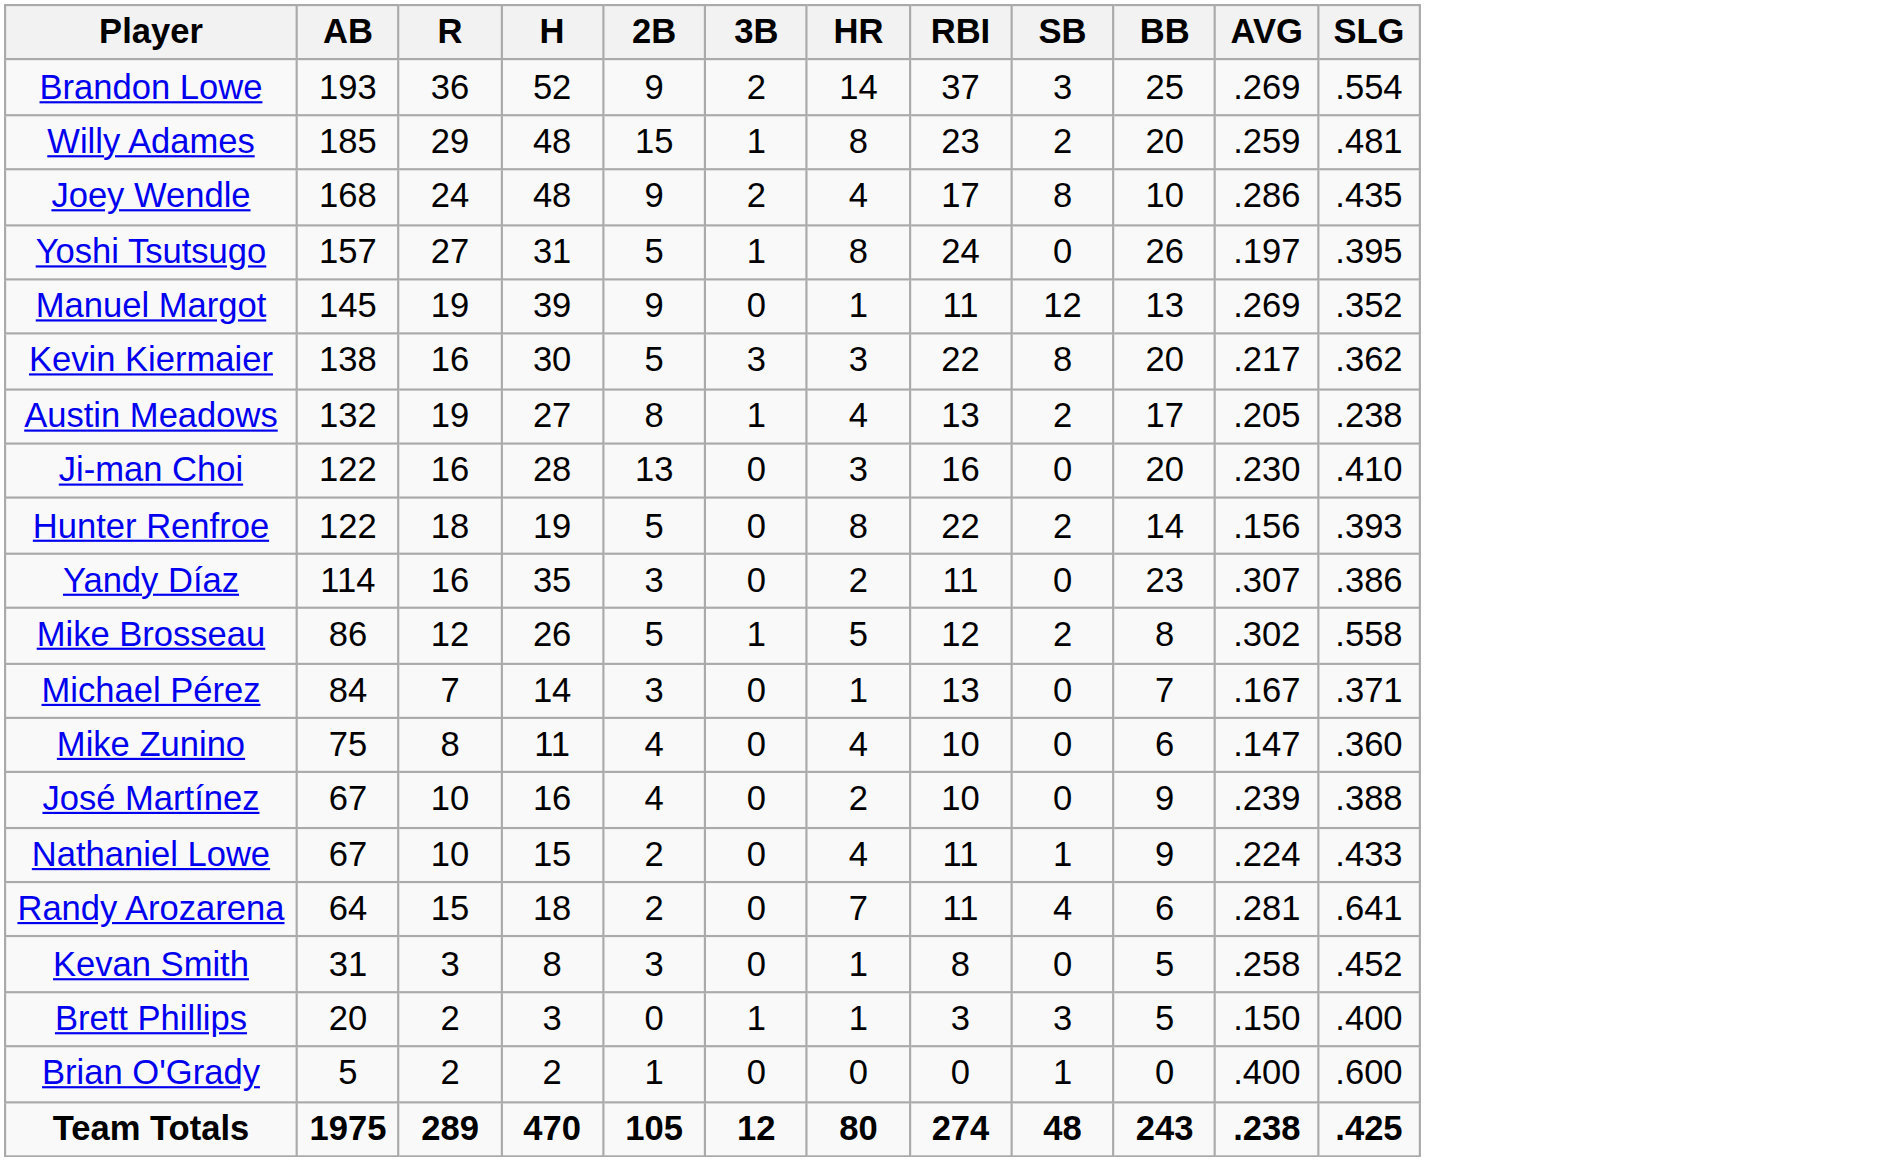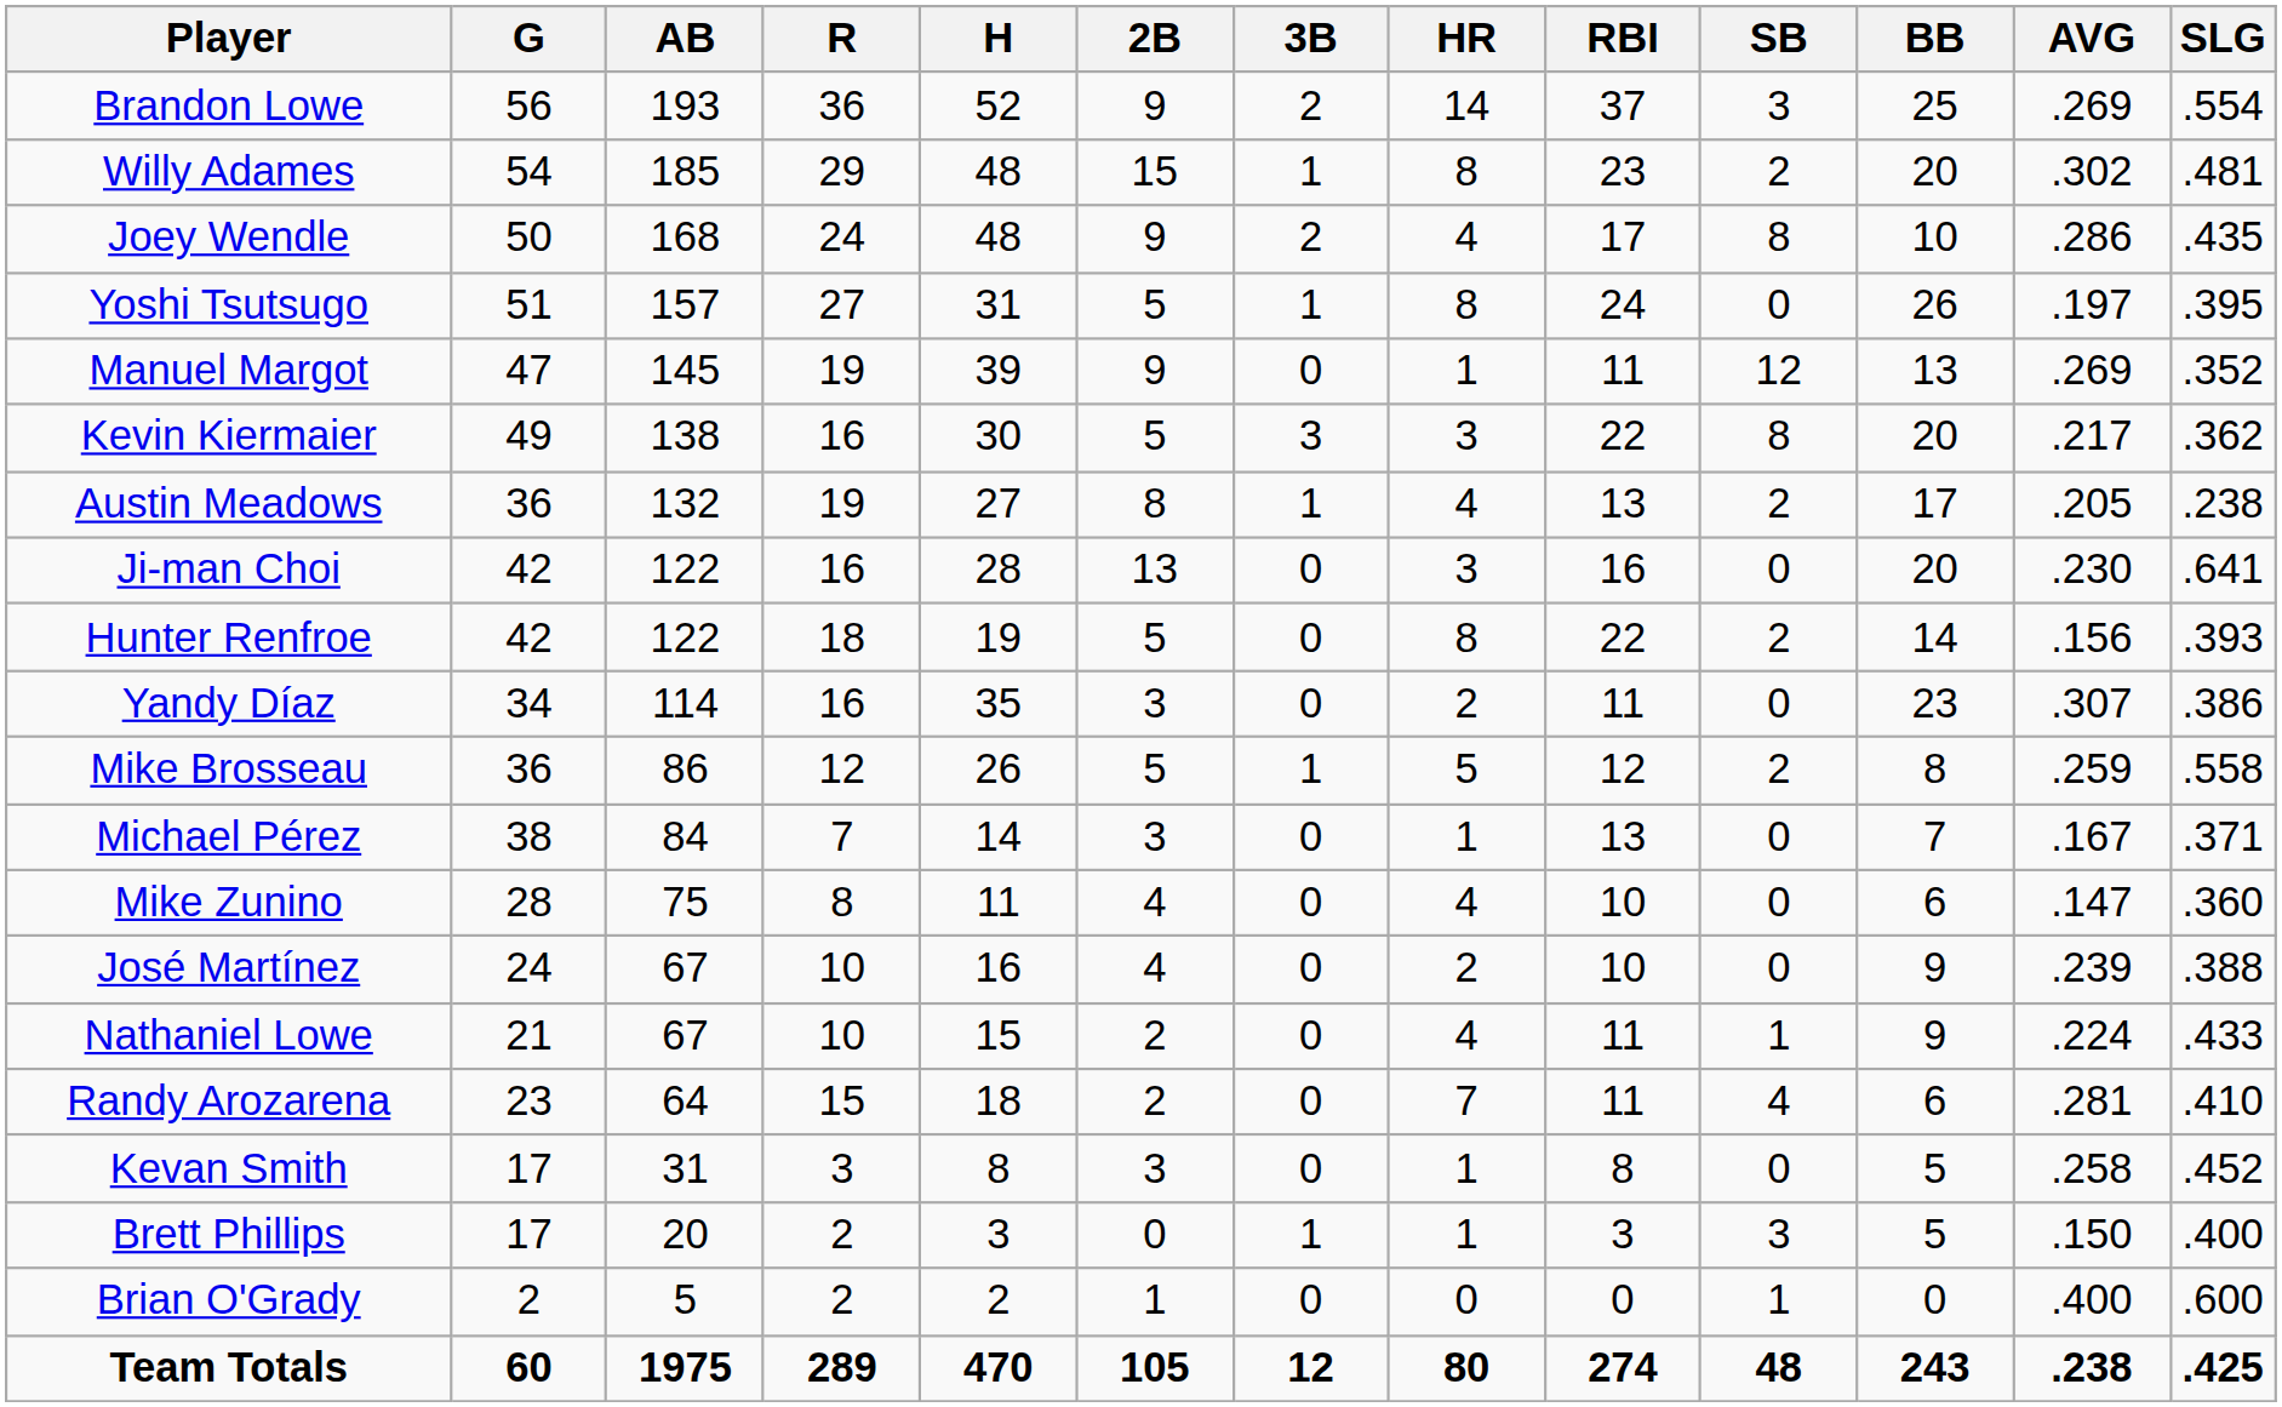 <table class=wikitable style="text-align:center">
 <tr>
 <th bgcolor=#DDDDFF; width="20%">Player</th>
+<th bgcolor=#DDDDFF; width="7%">G</th>
 <th bgcolor=#DDDDFF; width="7%">AB</th>
 <th bgcolor=#DDDDFF; width="7%">R</th>
 <th bgcolor=#DDDDFF; width="7%">H</th>
 <th bgcolor=#DDDDFF; width="7%">2B</th>
 <th bgcolor=#DDDDFF; width="7%">3B</th>
 <th bgcolor=#DDDDFF; width="7%">HR</th>
 <th bgcolor=#DDDDFF; width="7%">RBI</th>
 <th bgcolor=#DDDDFF; width="7%">SB</th>
 <th bgcolor=#DDDDFF; width="7%">BB</th>
 <th bgcolor=#DDDDFF; width="7%">AVG</th>
 <th bgcolor=#DDDDFF; width="7%'">SLG</th>
 </tr>
 <tr>
 <td><a href='#'>Brandon Lowe</a></td>
+<td>56</td>
 <td>193</td>
 <td>36</td>
 <td>52</td>
 <td>9</td>
 <td>2</td>
 <td>14</td>
 <td>37</td>
 <td>3</td>
 <td>25</td>
 <td>.269</td>
 <td>.554</td>
 </tr>
 <tr>
 <td><a href='#'>Willy Adames</a></td>
+<td>54</td>
 <td>185</td>
 <td>29</td>
 <td>48</td>
 <td>15</td>
 <td>1</td>
 <td>8</td>
 <td>23</td>
 <td>2</td>
 <td>20</td>
-<td>.259</td>
+<td>.302</td>
 <td>.481</td>
 </tr>
 <tr>
 <td><a href='#'>Joey Wendle</a></td>
+<td>50</td>
 <td>168</td>
 <td>24</td>
 <td>48</td>
 <td>9</td>
 <td>2</td>
 <td>4</td>
 <td>17</td>
 <td>8</td>
 <td>10</td>
 <td>.286</td>
 <td>.435</td>
 </tr>
 <tr>
 <td><a href='#'>Yoshi Tsutsugo</a></td>
+<td>51</td>
 <td>157</td>
 <td>27</td>
 <td>31</td>
 <td>5</td>
 <td>1</td>
 <td>8</td>
 <td>24</td>
 <td>0</td>
 <td>26</td>
 <td>.197</td>
 <td>.395</td>
 </tr>
 <tr>
 <td><a href='#'>Manuel Margot</a></td>
+<td>47</td>
 <td>145</td>
 <td>19</td>
 <td>39</td>
 <td>9</td>
 <td>0</td>
 <td>1</td>
 <td>11</td>
 <td>12</td>
 <td>13</td>
 <td>.269</td>
 <td>.352</td>
 </tr>
 <tr>
 <td><a href='#'>Kevin Kiermaier</a></td>
+<td>49</td>
 <td>138</td>
 <td>16</td>
 <td>30</td>
 <td>5</td>
 <td>3</td>
 <td>3</td>
 <td>22</td>
 <td>8</td>
 <td>20</td>
 <td>.217</td>
 <td>.362</td>
 </tr>
 <tr>
 <td><a href='#'>Austin Meadows</a></td>
+<td>36</td>
 <td>132</td>
 <td>19</td>
 <td>27</td>
 <td>8</td>
 <td>1</td>
 <td>4</td>
 <td>13</td>
 <td>2</td>
 <td>17</td>
 <td>.205</td>
 <td>.238</td>
 </tr>
 <tr>
 <td><a href='#'>Ji-man Choi</a></td>
+<td>42</td>
 <td>122</td>
 <td>16</td>
 <td>28</td>
 <td>13</td>
 <td>0</td>
 <td>3</td>
 <td>16</td>
 <td>0</td>
 <td>20</td>
 <td>.230</td>
-<td>.410</td>
+<td>.641</td>
 </tr>
 <tr>
 <td><a href='#'>Hunter Renfroe</a></td>
+<td>42</td>
 <td>122</td>
 <td>18</td>
 <td>19</td>
 <td>5</td>
 <td>0</td>
 <td>8</td>
 <td>22</td>
 <td>2</td>
 <td>14</td>
 <td>.156</td>
 <td>.393</td>
 </tr>
 <tr>
 <td><a href='#'>Yandy Díaz</a></td>
+<td>34</td>
 <td>114</td>
 <td>16</td>
 <td>35</td>
 <td>3</td>
 <td>0</td>
 <td>2</td>
 <td>11</td>
 <td>0</td>
 <td>23</td>
 <td>.307</td>
 <td>.386</td>
 </tr>
 <tr>
 <td><a href='#'>Mike Brosseau</a></td>
+<td>36</td>
 <td>86</td>
 <td>12</td>
 <td>26</td>
 <td>5</td>
 <td>1</td>
 <td>5</td>
 <td>12</td>
 <td>2</td>
 <td>8</td>
-<td>.302</td>
+<td>.259</td>
 <td>.558</td>
 </tr>
 <tr>
 <td><a href='#'>Michael Pérez</a></td>
+<td>38</td>
 <td>84</td>
 <td>7</td>
 <td>14</td>
 <td>3</td>
 <td>0</td>
 <td>1</td>
 <td>13</td>
 <td>0</td>
 <td>7</td>
 <td>.167</td>
 <td>.371</td>
 </tr>
 <tr>
 <td><a href='#'>Mike Zunino</a></td>
+<td>28</td>
 <td>75</td>
 <td>8</td>
 <td>11</td>
 <td>4</td>
 <td>0</td>
 <td>4</td>
 <td>10</td>
 <td>0</td>
 <td>6</td>
 <td>.147</td>
 <td>.360</td>
 </tr>
 <tr>
 <td><a href='#'>José Martínez</a></td>
+<td>24</td>
 <td>67</td>
 <td>10</td>
 <td>16</td>
 <td>4</td>
 <td>0</td>
 <td>2</td>
 <td>10</td>
 <td>0</td>
 <td>9</td>
 <td>.239</td>
 <td>.388</td>
 </tr>
 <tr>
 <td><a href='#'>Nathaniel Lowe</a></td>
+<td>21</td>
 <td>67</td>
 <td>10</td>
 <td>15</td>
 <td>2</td>
 <td>0</td>
 <td>4</td>
 <td>11</td>
 <td>1</td>
 <td>9</td>
 <td>.224</td>
 <td>.433</td>
 </tr>
 <tr>
 <td><a href='#'>Randy Arozarena</a></td>
+<td>23</td>
 <td>64</td>
 <td>15</td>
 <td>18</td>
 <td>2</td>
 <td>0</td>
 <td>7</td>
 <td>11</td>
 <td>4</td>
 <td>6</td>
 <td>.281</td>
-<td>.641</td>
+<td>.410</td>
 </tr>
 <tr>
 <td><a href='#'>Kevan Smith</a></td>
+<td>17</td>
 <td>31</td>
 <td>3</td>
 <td>8</td>
 <td>3</td>
 <td>0</td>
 <td>1</td>
 <td>8</td>
 <td>0</td>
 <td>5</td>
 <td>.258</td>
 <td>.452</td>
 </tr>
 <tr>
 <td><a href='#'>Brett Phillips</a></td>
+<td>17</td>
 <td>20</td>
 <td>2</td>
 <td>3</td>
 <td>0</td>
 <td>1</td>
 <td>1</td>
 <td>3</td>
 <td>3</td>
 <td>5</td>
 <td>.150</td>
 <td>.400</td>
 </tr>
 <tr>
 <td><a href='#'>Brian O'Grady</a></td>
+<td>2</td>
 <td>5</td>
 <td>2</td>
 <td>2</td>
 <td>1</td>
 <td>0</td>
 <td>0</td>
 <td>0</td>
 <td>1</td>
 <td>0</td>
 <td>.400</td>
 <td>.600</td>
 </tr>
 <tr>
 <td><strong>Team Totals</strong></td>
+<td><strong>60</strong></td>
 <td><strong>1975</strong></td>
 <td><strong>289</strong></td>
 <td><strong>470</strong></td>
 <td><strong>105</strong></td>
 <td><strong>12</strong></td>
 <td><strong>80</strong></td>
 <td><strong>274</strong></td>
 <td><strong>48</strong></td>
 <td><strong>243</strong></td>
 <td><strong>.238</strong></td>
 <td><strong>.425</strong></td>
 </tr>
 </table>
